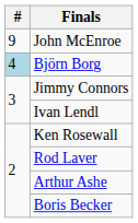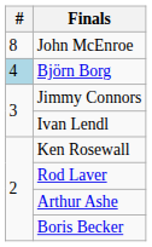 <table class="wikitable" style="display:inline-table;">
 <tr>
 <th width=20>#</th>
 <th>Finals</th>
 </tr>
 <tr>
-<td>9</td>
+<td>8</td>
 <td> John McEnroe</td>
 </tr>
 <tr>
 <td style="background: lightblue;">4</td>
 <td> <a href='#'>Björn Borg</a></td>
 </tr>
 <tr>
 <td rowspan="2">3</td>
 <td> Jimmy Connors</td>
 </tr>
 <tr>
 <td> Ivan Lendl</td>
 </tr>
 <tr>
 <td rowspan="4">2</td>
 <td> Ken Rosewall</td>
 </tr>
 <tr>
 <td> <a href='#'>Rod Laver</a></td>
 </tr>
 <tr>
 <td> <a href='#'>Arthur Ashe</a></td>
 </tr>
 <tr>
 <td> <a href='#'>Boris Becker</a></td>
 </tr>
 </table>
